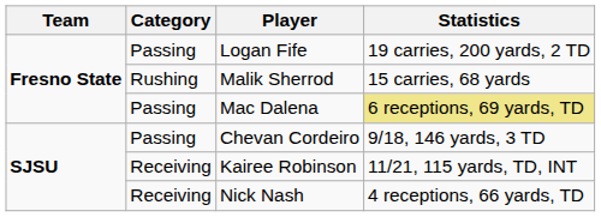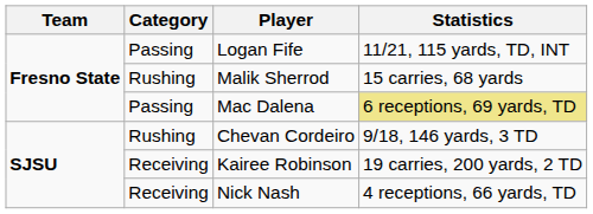 <table class="wikitable" style="float: right;">
 <tr>
 <th>Team</th>
 <th>Category</th>
 <th>Player</th>
 <th>Statistics</th>
 </tr>
 <tr>
 <td rowspan=3><strong>Fresno State</strong></td>
 <td>Passing</td>
 <td>Logan Fife</td>
-<td>19 carries, 200 yards, 2 TD</td>
+<td>11/21, 115 yards, TD, INT</td>
 </tr>
 <tr>
 <td>Rushing</td>
 <td>Malik Sherrod</td>
 <td>15 carries, 68 yards</td>
 </tr>
 <tr>
 <td>Passing</td>
 <td>Mac Dalena</td>
 <td style="background: khaki;">6 receptions, 69 yards, TD</td>
 </tr>
 <tr>
 <td rowspan=3><strong>SJSU</strong></td>
-<td>Passing</td>
+<td>Rushing</td>
 <td>Chevan Cordeiro</td>
 <td>9/18, 146 yards, 3 TD</td>
 </tr>
 <tr>
 <td>Receiving</td>
 <td>Kairee Robinson</td>
-<td>11/21, 115 yards, TD, INT</td>
+<td>19 carries, 200 yards, 2 TD</td>
 </tr>
 <tr>
 <td>Receiving</td>
 <td>Nick Nash</td>
 <td>4 receptions, 66 yards, TD</td>
 </tr>
 </table>
